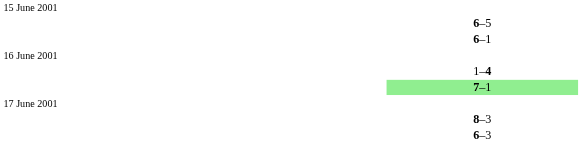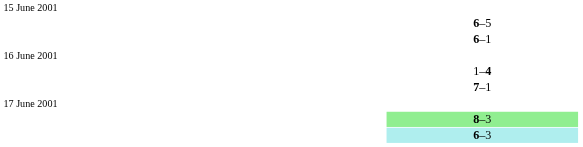 <table width=100% cellspacing=1>
 <tr>
 <th width=40%></th>
 <th width=20%></th>
 <th></th>
 </tr>
 <tr>
 <td><small>15 June 2001</small></td>
 </tr>
 <tr>
 <td align=right><strong></strong></td>
 <td align=center><strong>6</strong>–5</td>
 <td></td>
 </tr>
 <tr>
 <td align=right><strong></strong></td>
 <td align=center><strong>6</strong>–1</td>
 <td></td>
 </tr>
 <tr>
 <td><small>16 June 2001</small></td>
 </tr>
 <tr>
 <td align=right></td>
 <td align=center>1–<strong>4</strong></td>
 <td><strong></strong></td>
 </tr>
 <tr>
 <td align=right><strong></strong></td>
-<td align=center style="background: lightgreen;"><strong>7</strong>–1</td>
+<td align=center><strong>7</strong>–1</td>
 <td></td>
 </tr>
 <tr>
 <td><small>17 June 2001</small></td>
 </tr>
 <tr>
 <td align=right><strong></strong></td>
-<td align=center><strong>8</strong>–3</td>
+<td align=center style="background: lightgreen;"><strong>8</strong>–3</td>
 <td></td>
 </tr>
 <tr>
 <td align=right><strong></strong></td>
-<td align=center><strong>6</strong>–3</td>
+<td align=center style="background: paleturquoise;"><strong>6</strong>–3</td>
 <td></td>
 </tr>
 </table>
